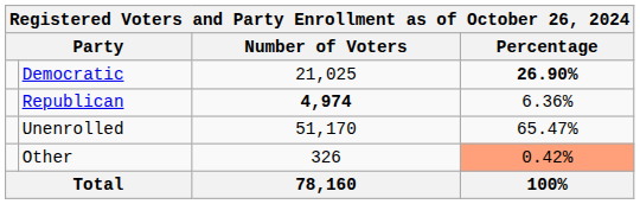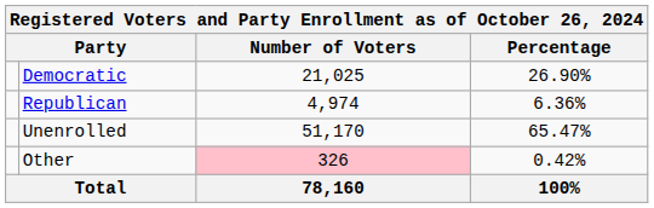 <table class=wikitable>
 <tr>
 <th colspan = 6>Registered Voters and Party Enrollment as of October 26, 2024</th>
 </tr>
 <tr>
 <th colspan = 2>Party</th>
 <th>Number of Voters</th>
 <th>Percentage</th>
 </tr>
 <tr>
 <td></td>
 <td><a href='#'>Democratic</a></td>
 <td style="text-align:center;">21,025</td>
-<td style="text-align:center;"><strong>26.90%</strong></td>
+<td style="text-align:center;">26.90%</td>
 </tr>
 <tr>
 <td></td>
 <td><a href='#'>Republican</a></td>
-<td style="text-align:center;"><strong>4,974</strong></td>
+<td style="text-align:center;">4,974</td>
 <td style="text-align:center;">6.36%</td>
 </tr>
 <tr>
 <td></td>
 <td>Unenrolled</td>
 <td style="text-align:center;">51,170</td>
 <td style="text-align:center;">65.47%</td>
 </tr>
 <tr>
 <td></td>
 <td>Other</td>
-<td style="text-align:center;">326</td>
-<td style="background: lightsalmon; text-align:center;">0.42%</td>
+<td style="background: pink; text-align:center;">326</td>
+<td style="text-align:center;">0.42%</td>
 </tr>
 <tr>
 <th colspan = 2>Total</th>
 <th style="text-align:center;">78,160</th>
 <th style="text-align:center;">100%</th>
 </tr>
 </table>
